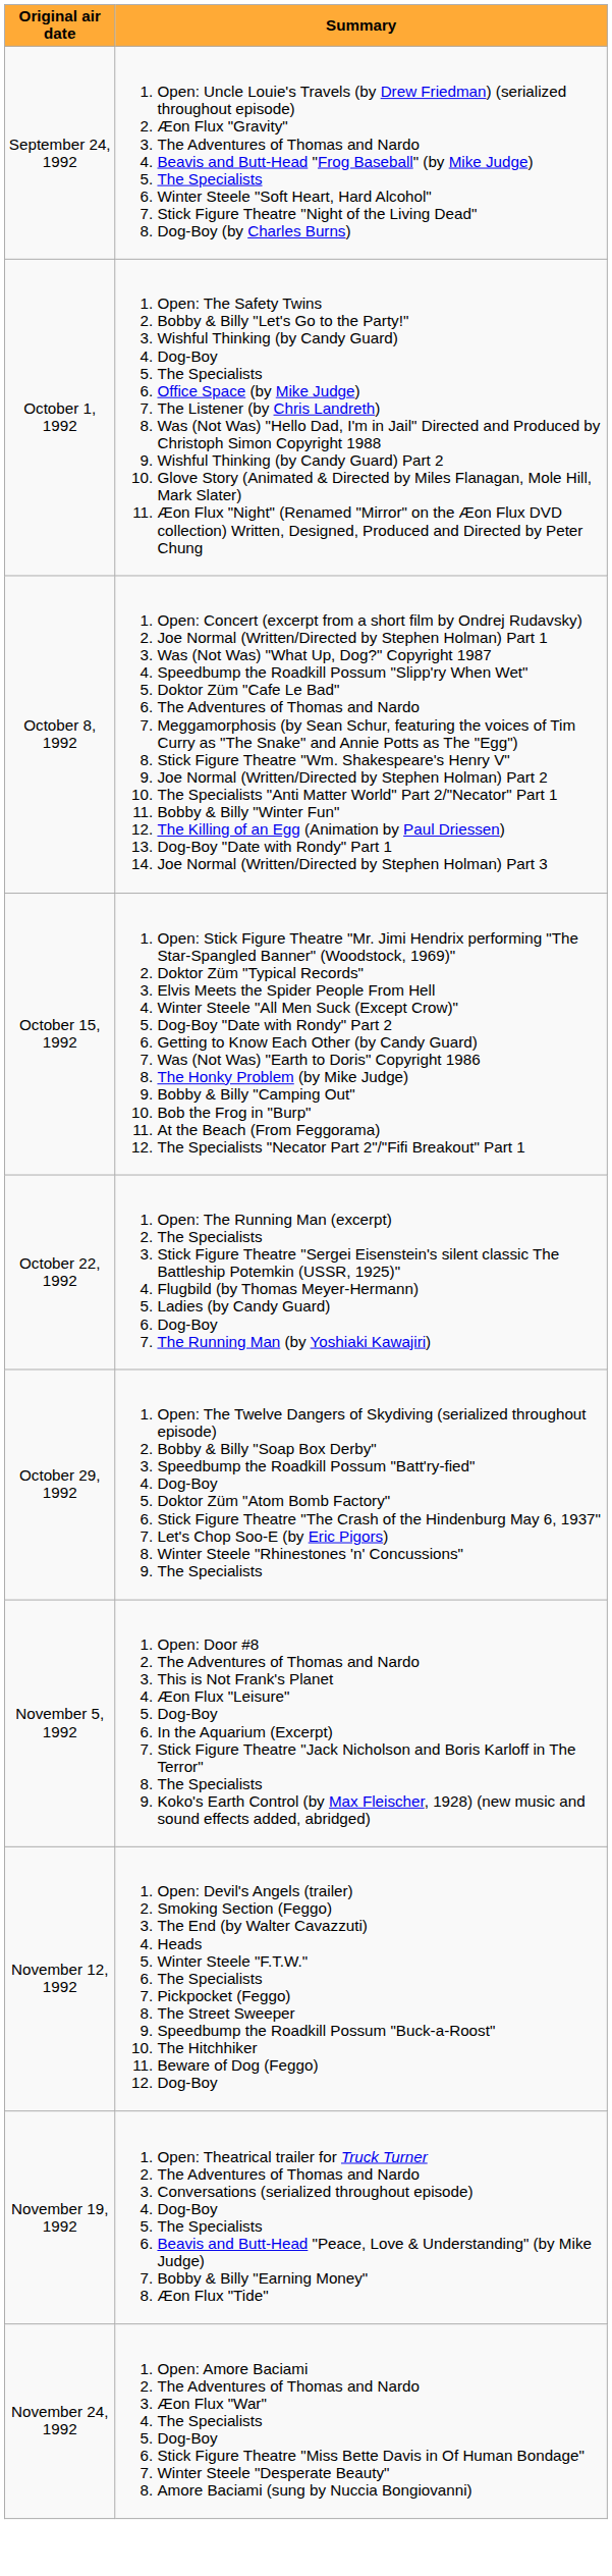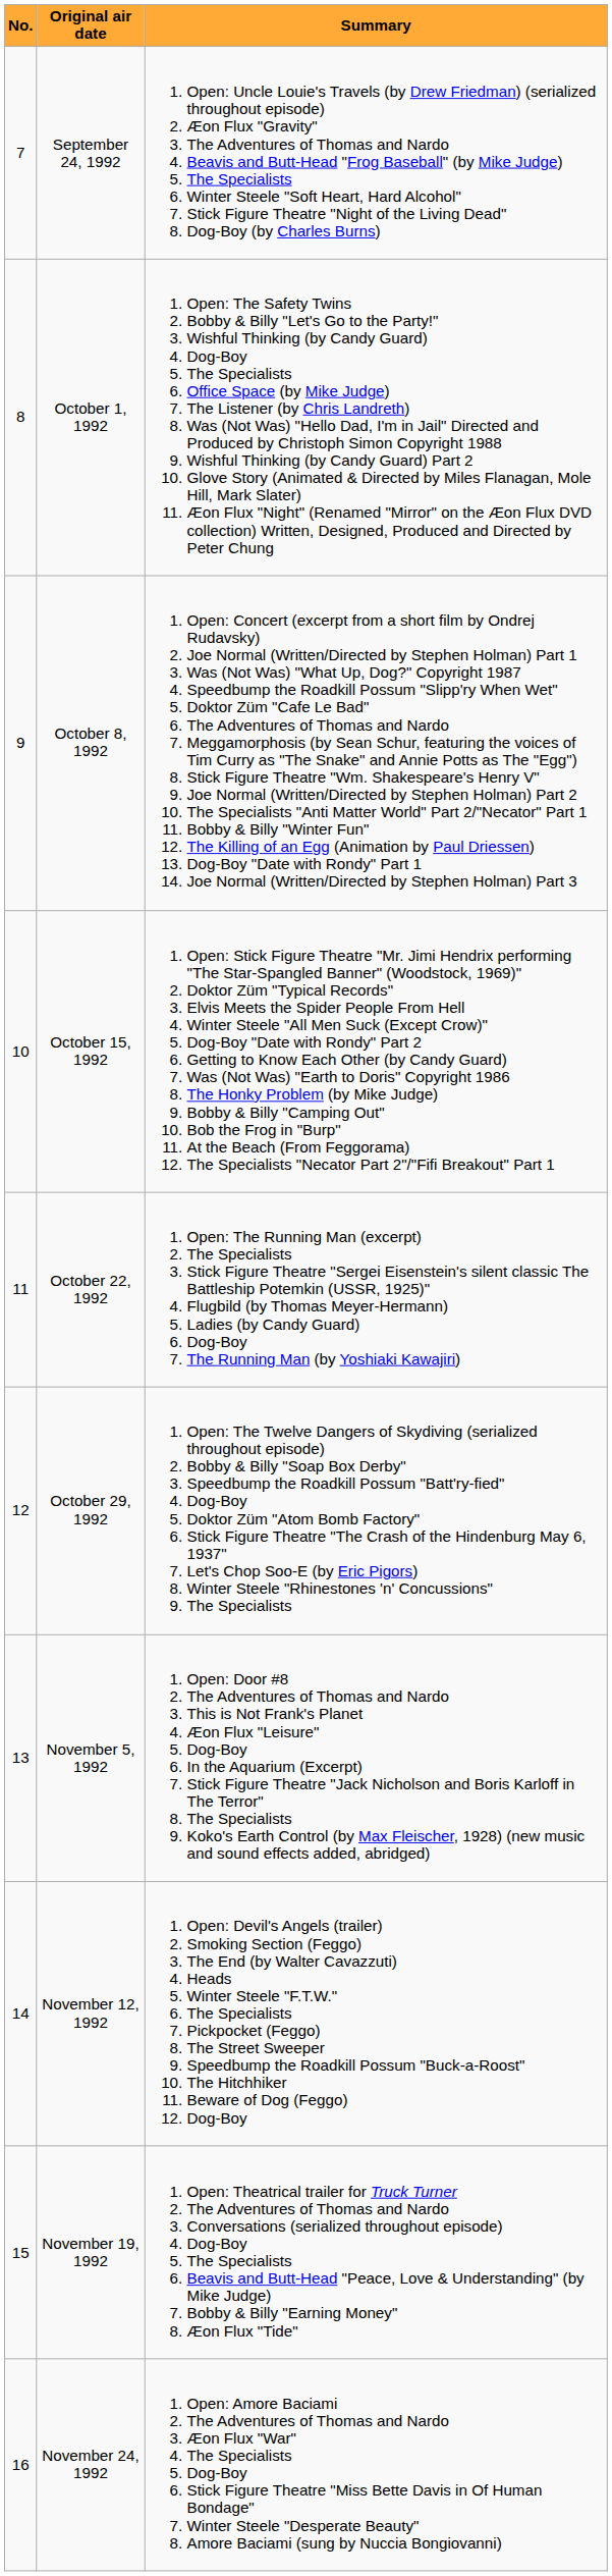 <table class="wikitable plainrowheaders" border="1" style="width:100%;">
 <tr>
+<th style="background:#ffaa36">No.</th>
 <th style="background:#ffaa36">Original air date</th>
 <th style="background:#ffaa36">Summary</th>
 </tr>
 <tr>
+<td style="text-align:center;">7</td>
 <td style="text-align:center;">September 24, 1992</td>
 <td><br><ol><li>Open: Uncle Louie's Travels (by <a href='#'>Drew Friedman</a>) (serialized throughout episode)</li><li>Æon Flux "Gravity"</li><li>The Adventures of Thomas and Nardo</li><li><a href='#'>Beavis and Butt-Head</a> "<a href='#'>Frog Baseball</a>" (by <a href='#'>Mike Judge</a>)</li><li><a href='#'>The Specialists</a></li><li>Winter Steele "Soft Heart, Hard Alcohol"</li><li>Stick Figure Theatre "Night of the Living Dead"</li><li>Dog-Boy (by <a href='#'>Charles Burns</a>)</li></ol></td>
 </tr>
 <tr>
+<td style="text-align:center;">8</td>
 <td style="text-align:center;">October 1, 1992</td>
 <td><br><ol><li>Open: The Safety Twins</li><li>Bobby & Billy "Let's Go to the Party!"</li><li>Wishful Thinking (by Candy Guard)</li><li>Dog-Boy</li><li>The Specialists</li><li><a href='#'>Office Space</a> (by <a href='#'>Mike Judge</a>)</li><li>The Listener (by <a href='#'>Chris Landreth</a>)</li><li>Was (Not Was) "Hello Dad, I'm in Jail" Directed and Produced by Christoph Simon Copyright 1988</li><li>Wishful Thinking (by Candy Guard) Part 2</li><li>Glove Story (Animated & Directed by Miles Flanagan, Mole Hill, Mark Slater)</li><li>Æon Flux "Night" (Renamed "Mirror" on the Æon Flux DVD collection) Written, Designed, Produced and Directed by Peter Chung</li></ol></td>
 </tr>
 <tr>
+<td style="text-align:center;">9</td>
 <td style="text-align:center;">October 8, 1992</td>
 <td><br><ol><li>Open: Concert (excerpt from a short film by Ondrej Rudavsky)</li><li>Joe Normal (Written/Directed by Stephen Holman) Part 1</li><li>Was (Not Was) "What Up, Dog?" Copyright 1987</li><li>Speedbump the Roadkill Possum "Slipp'ry When Wet"</li><li>Doktor Züm "Cafe Le Bad"</li><li>The Adventures of Thomas and Nardo</li><li>Meggamorphosis (by Sean Schur, featuring the voices of Tim Curry as "The Snake" and Annie Potts as The "Egg")</li><li>Stick Figure Theatre "Wm. Shakespeare's Henry V"</li><li>Joe Normal (Written/Directed by Stephen Holman) Part 2</li><li>The Specialists "Anti Matter World" Part 2/"Necator" Part 1</li><li>Bobby & Billy "Winter Fun"</li><li><a href='#'>The Killing of an Egg</a> (Animation by <a href='#'>Paul Driessen</a>)</li><li>Dog-Boy  "Date with Rondy" Part 1</li><li>Joe Normal (Written/Directed by Stephen Holman) Part 3</li></ol></td>
 </tr>
 <tr>
+<td style="text-align:center;">10</td>
 <td style="text-align:center;">October 15, 1992</td>
 <td><br><ol><li>Open: Stick Figure Theatre "Mr. Jimi Hendrix performing "The Star-Spangled Banner" (Woodstock, 1969)"</li><li>Doktor Züm "Typical Records"</li><li>Elvis Meets the Spider People From Hell</li><li>Winter Steele "All Men Suck (Except Crow)"</li><li>Dog-Boy "Date with Rondy" Part 2</li><li>Getting to Know Each Other (by Candy Guard)</li><li>Was (Not Was) "Earth to Doris" Copyright 1986</li><li><a href='#'>The Honky Problem</a> (by Mike Judge)</li><li>Bobby & Billy "Camping Out"</li><li>Bob the Frog in "Burp"</li><li>At the Beach (From Feggorama)</li><li>The Specialists "Necator Part 2"/"Fifi Breakout" Part 1</li></ol></td>
 </tr>
 <tr>
+<td style="text-align:center;">11</td>
 <td style="text-align:center;">October 22, 1992</td>
 <td><br><ol><li>Open: The Running Man (excerpt)</li><li>The Specialists</li><li>Stick Figure Theatre "Sergei Eisenstein's silent classic The Battleship Potemkin (USSR, 1925)"</li><li>Flugbild (by Thomas Meyer-Hermann)</li><li>Ladies (by Candy Guard)</li><li>Dog-Boy</li><li><a href='#'>The Running Man</a> (by <a href='#'>Yoshiaki Kawajiri</a>)</li></ol></td>
 </tr>
 <tr>
+<td style="text-align:center;">12</td>
 <td style="text-align:center;">October 29, 1992</td>
 <td><br><ol><li>Open: The Twelve Dangers of Skydiving (serialized throughout episode)</li><li>Bobby & Billy "Soap Box Derby"</li><li>Speedbump the Roadkill Possum "Batt'ry-fied"</li><li>Dog-Boy</li><li>Doktor Züm "Atom Bomb Factory"</li><li>Stick Figure Theatre "The Crash of the Hindenburg May 6, 1937"</li><li>Let's Chop Soo-E (by <a href='#'>Eric Pigors</a>)</li><li>Winter Steele "Rhinestones 'n' Concussions"</li><li>The Specialists</li></ol></td>
 </tr>
 <tr>
+<td style="text-align:center;">13</td>
 <td style="text-align:center;">November 5, 1992</td>
 <td><br><ol><li>Open: Door #8</li><li>The Adventures of Thomas and Nardo</li><li>This is Not Frank's Planet</li><li>Æon Flux "Leisure"</li><li>Dog-Boy</li><li>In the Aquarium (Excerpt)</li><li>Stick Figure Theatre "Jack Nicholson and Boris Karloff in The Terror"</li><li>The Specialists</li><li>Koko's Earth Control (by <a href='#'>Max Fleischer</a>, 1928) (new music and sound effects added, abridged)</li></ol></td>
 </tr>
 <tr>
+<td style="text-align:center;">14</td>
 <td style="text-align:center;">November 12, 1992</td>
 <td><br><ol><li>Open: Devil's Angels (trailer)</li><li>Smoking Section (Feggo)</li><li>The End (by Walter Cavazzuti)</li><li>Heads</li><li>Winter Steele "F.T.W."</li><li>The Specialists</li><li>Pickpocket (Feggo)</li><li>The Street Sweeper</li><li>Speedbump the Roadkill Possum "Buck-a-Roost"</li><li>The Hitchhiker</li><li>Beware of Dog (Feggo)</li><li>Dog-Boy</li></ol></td>
 </tr>
 <tr>
+<td style="text-align:center;">15</td>
 <td style="text-align:center;">November 19, 1992</td>
 <td><br><ol><li>Open: Theatrical trailer for <em><a href='#'>Truck Turner</a></em></li><li>The Adventures of Thomas and Nardo</li><li>Conversations (serialized throughout episode)</li><li>Dog-Boy</li><li>The Specialists</li><li><a href='#'>Beavis and Butt-Head</a> "Peace, Love & Understanding" (by Mike Judge)</li><li>Bobby & Billy "Earning Money"</li><li>Æon Flux "Tide"</li></ol></td>
 </tr>
 <tr>
+<td style="text-align:center;">16</td>
 <td style="text-align:center;">November 24, 1992 </td>
 <td><br><ol><li>Open: Amore Baciami</li><li>The Adventures of Thomas and Nardo</li><li>Æon Flux "War"</li><li>The Specialists</li><li>Dog-Boy</li><li>Stick Figure Theatre "Miss Bette Davis in Of Human Bondage"</li><li>Winter Steele "Desperate Beauty"</li><li>Amore Baciami (sung by Nuccia Bongiovanni)</li></ol></td>
 </tr>
 </table>
